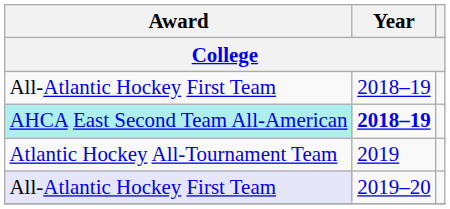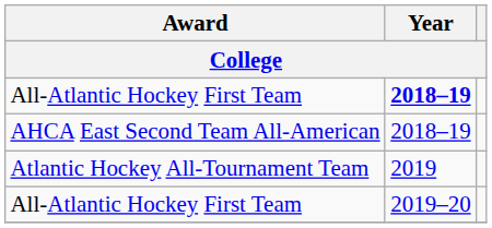 <table class="wikitable">
 <tr>
 <th>Award</th>
 <th>Year</th>
 <th></th>
 </tr>
 <tr ALIGN="center" bgcolor="#e0e0e0">
 <th colspan="3"><a href='#'>College</a></th>
 </tr>
 <tr>
 <td>All-<a href='#'>Atlantic Hockey</a> <a href='#'>First Team</a></td>
-<td><a href='#'>2018–19</a></td>
+<td><strong><a href='#'>2018–19</a></strong></td>
 <td></td>
 </tr>
 <tr>
-<td style="background: paleturquoise;"><a href='#'>AHCA</a> <a href='#'>East Second Team All-American</a></td>
-<td><strong><a href='#'>2018–19</a></strong></td>
+<td><a href='#'>AHCA</a> <a href='#'>East Second Team All-American</a></td>
+<td><a href='#'>2018–19</a></td>
 <td></td>
 </tr>
 <tr>
 <td><a href='#'>Atlantic Hockey</a> <a href='#'>All-Tournament Team</a></td>
 <td><a href='#'>2019</a></td>
 <td></td>
 </tr>
 <tr>
-<td style="background: lavender;">All-<a href='#'>Atlantic Hockey</a> <a href='#'>First Team</a></td>
+<td>All-<a href='#'>Atlantic Hockey</a> <a href='#'>First Team</a></td>
 <td><a href='#'>2019–20</a></td>
 <td></td>
 </tr>
 <tr>
 </tr>
 </table>
